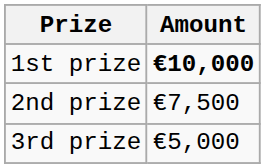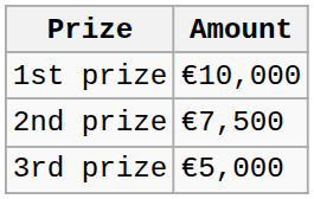 <table class="wikitable">
 <tr>
 <th align="center"><strong>Prize</strong></th>
 <th align="center"><strong>Amount</strong></th>
 </tr>
 <tr>
 <td>1st prize</td>
-<td><strong>€10,000</strong></td>
+<td>€10,000</td>
 </tr>
 <tr>
 <td>2nd prize</td>
 <td>€7,500</td>
 </tr>
 <tr>
 <td>3rd prize</td>
 <td>€5,000</td>
 </tr>
 </table>
